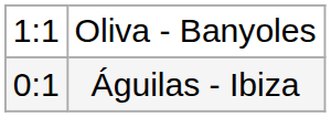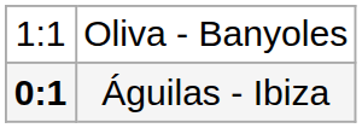 <table class="wikitable">
 <tr align=center bgcolor=white>
 <td>1:1</td>
 <td>Oliva - Banyoles</td>
 </tr>
 <tr align=center bgcolor=#F5F5F5>
-<td>0:1</td>
+<td><strong>0:1</strong></td>
 <td>Águilas - Ibiza</td>
 </tr>
 </table>
